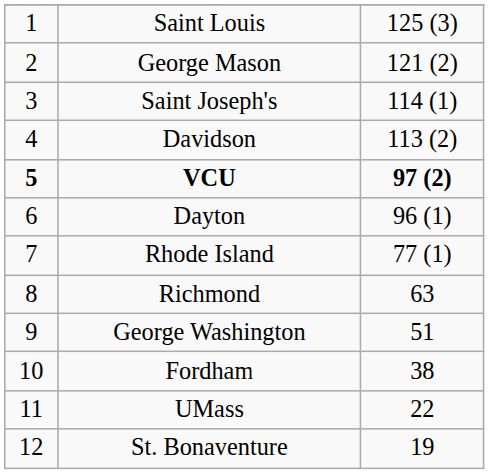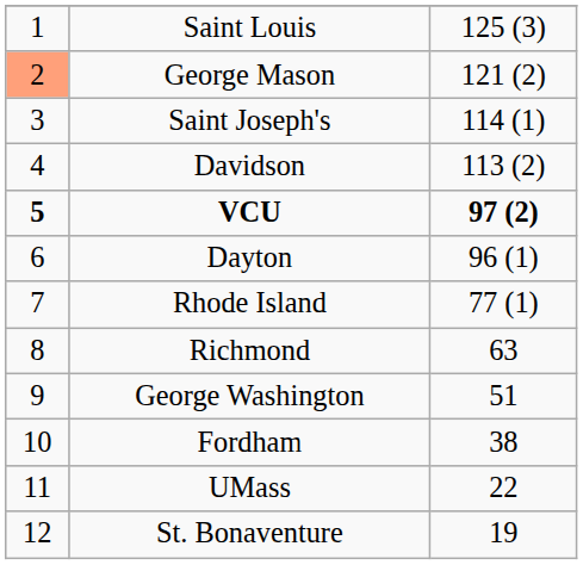 <table class="wikitable" style="width: 25%;text-align: center;">
 <tr align="center">
 </tr>
 <tr align="center">
 <td>1</td>
 <td>Saint Louis</td>
 <td>125 (3)</td>
 </tr>
 <tr>
-<td>2</td>
+<td style="background: lightsalmon;">2</td>
 <td>George Mason</td>
 <td>121 (2)</td>
 </tr>
 <tr>
 <td>3</td>
 <td>Saint Joseph's</td>
 <td>114 (1)</td>
 </tr>
 <tr>
 <td>4</td>
 <td>Davidson</td>
 <td>113 (2)</td>
 </tr>
 <tr>
 <td><strong>5</strong></td>
 <td><strong>VCU</strong></td>
 <td><strong>97 (2)</strong></td>
 </tr>
 <tr>
 <td>6</td>
 <td>Dayton</td>
 <td>96 (1)</td>
 </tr>
 <tr>
 <td>7</td>
 <td>Rhode Island</td>
 <td>77 (1)</td>
 </tr>
 <tr>
 <td>8</td>
 <td>Richmond</td>
 <td>63</td>
 </tr>
 <tr>
 <td>9</td>
 <td>George Washington</td>
 <td>51</td>
 </tr>
 <tr>
 <td>10</td>
 <td>Fordham</td>
 <td>38</td>
 </tr>
 <tr>
 <td>11</td>
 <td>UMass</td>
 <td>22</td>
 </tr>
 <tr>
 <td>12</td>
 <td>St. Bonaventure</td>
 <td>19</td>
 </tr>
 </table>
